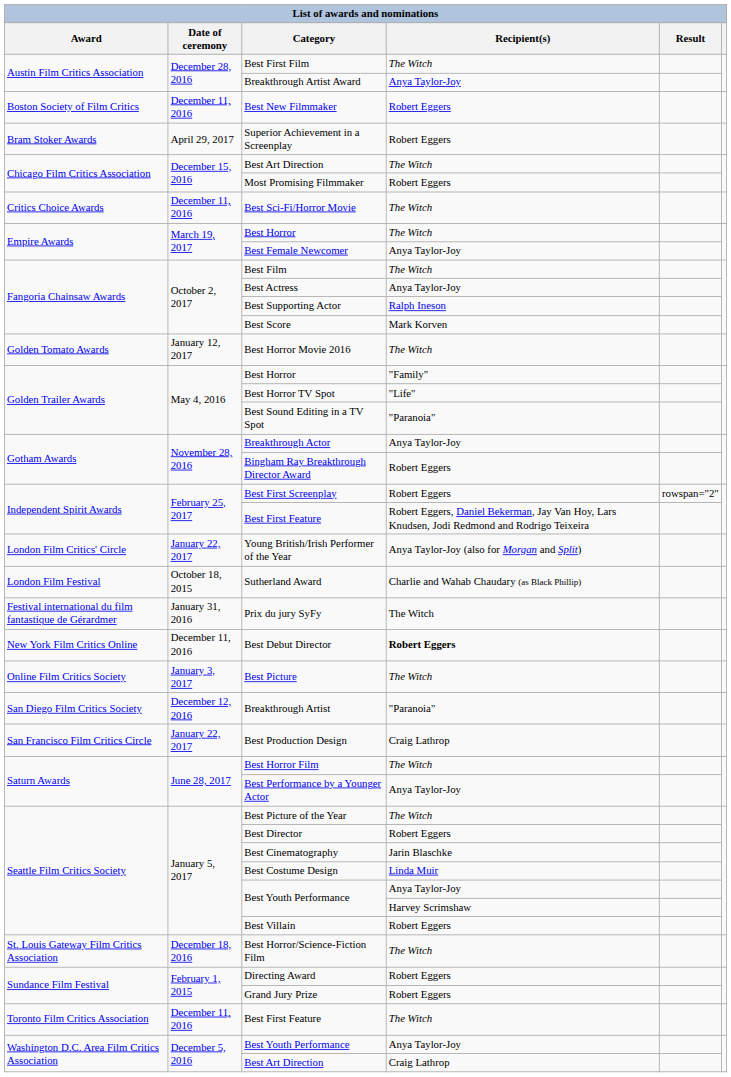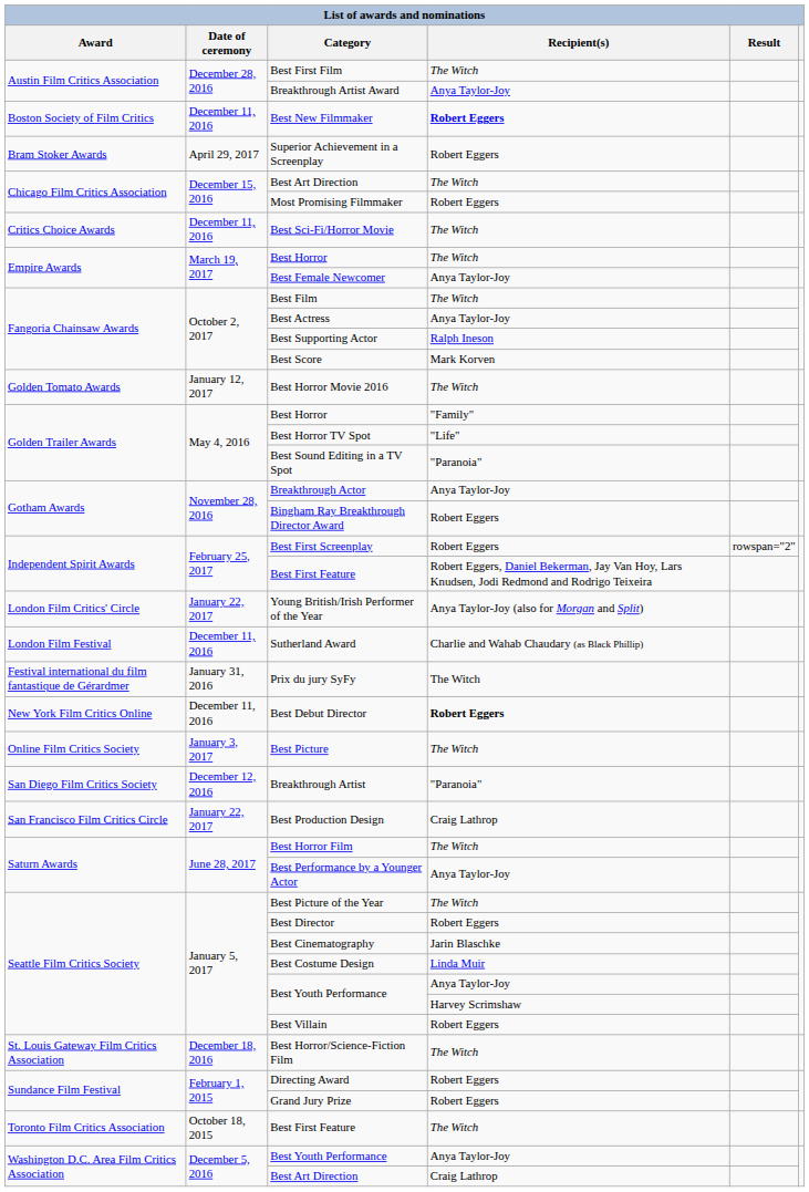 <table class="wikitable sortable" style="font-size:small">
 <tr style="background:#ccc; text-align:center;">
 <th colspan="6" style="background: LightSteelBlue;">List of awards and nominations</th>
 </tr>
 <tr style="background:#ccc; text-align:center;">
 <th>Award</th>
 <th>Date of ceremony</th>
 <th>Category</th>
 <th>Recipient(s)</th>
 <th>Result</th>
 <th class="unsortable"></th>
 </tr>
 <tr>
 <td rowspan="2"><a href='#'>Austin Film Critics Association</a></td>
 <td rowspan="2"><a href='#'>December 28, 2016</a></td>
 <td>Best First Film</td>
 <td><em>The Witch</em></td>
 <td></td>
 <td rowspan="2" style="text-align:center;"></td>
 </tr>
 <tr>
 <td>Breakthrough Artist Award</td>
 <td><a href='#'>Anya Taylor-Joy</a></td>
 <td></td>
 </tr>
 <tr>
 <td><a href='#'>Boston Society of Film Critics</a></td>
 <td><a href='#'>December 11, 2016</a></td>
 <td><a href='#'>Best New Filmmaker</a></td>
-<td><a href='#'>Robert Eggers</a></td>
+<td><strong><a href='#'>Robert Eggers</a></strong></td>
 <td></td>
 <td style="text-align:center;"></td>
 </tr>
 <tr>
 <td><a href='#'>Bram Stoker Awards</a></td>
 <td>April 29, 2017</td>
 <td>Superior Achievement in a Screenplay</td>
 <td>Robert Eggers</td>
 <td></td>
 <td style="text-align:center;"></td>
 </tr>
 <tr>
 <td rowspan="2"><a href='#'>Chicago Film Critics Association</a></td>
 <td rowspan="2"><a href='#'>December 15, 2016</a></td>
 <td>Best Art Direction</td>
 <td><em>The Witch</em></td>
 <td></td>
 <td rowspan="2" style="text-align:center;"></td>
 </tr>
 <tr>
 <td>Most Promising Filmmaker</td>
 <td>Robert Eggers</td>
 <td></td>
 </tr>
 <tr>
 <td><a href='#'>Critics Choice Awards</a></td>
 <td><a href='#'>December 11, 2016</a></td>
 <td><a href='#'>Best Sci-Fi/Horror Movie</a></td>
 <td><em>The Witch</em></td>
 <td></td>
 <td style="text-align:center;"></td>
 </tr>
 <tr>
 <td rowspan="2"><a href='#'>Empire Awards</a></td>
 <td rowspan="2"><a href='#'>March 19, 2017</a></td>
 <td><a href='#'>Best Horror</a></td>
 <td><em>The Witch</em></td>
 <td></td>
 <td rowspan="2" style="text-align:center;"></td>
 </tr>
 <tr>
 <td><a href='#'>Best Female Newcomer</a></td>
 <td>Anya Taylor-Joy</td>
 <td></td>
 </tr>
 <tr>
 <td rowspan="4"><a href='#'>Fangoria Chainsaw Awards</a></td>
 <td rowspan="4">October 2, 2017</td>
 <td>Best Film</td>
 <td><em>The Witch</em></td>
 <td></td>
 <td rowspan="4" style="text-align:center;"></td>
 </tr>
 <tr>
 <td>Best Actress</td>
 <td>Anya Taylor-Joy</td>
 <td></td>
 </tr>
 <tr>
 <td>Best Supporting Actor</td>
 <td><a href='#'>Ralph Ineson</a></td>
 <td></td>
 </tr>
 <tr>
 <td>Best Score</td>
 <td>Mark Korven</td>
 <td></td>
 </tr>
 <tr>
 <td><a href='#'>Golden Tomato Awards</a></td>
 <td>January 12, 2017</td>
 <td>Best Horror Movie 2016</td>
 <td><em>The Witch</em></td>
 <td></td>
 <td style="text-align:center;"></td>
 </tr>
 <tr>
 <td rowspan="3"><a href='#'>Golden Trailer Awards</a></td>
 <td rowspan="3">May 4, 2016</td>
 <td>Best Horror</td>
 <td>"Family"</td>
 <td></td>
 <td rowspan="3" style="text-align:center;"></td>
 </tr>
 <tr>
 <td>Best Horror TV Spot</td>
 <td>"Life"</td>
 <td></td>
 </tr>
 <tr>
 <td>Best Sound Editing in a TV Spot</td>
 <td>"Paranoia"</td>
 <td></td>
 </tr>
 <tr>
 <td rowspan="2"><a href='#'>Gotham Awards</a></td>
 <td rowspan="2"><a href='#'>November 28, 2016</a></td>
 <td><a href='#'>Breakthrough Actor</a></td>
 <td>Anya Taylor-Joy</td>
 <td></td>
 <td rowspan="2" style="text-align:center;"></td>
 </tr>
 <tr>
 <td><a href='#'>Bingham Ray Breakthrough Director Award</a></td>
 <td>Robert Eggers</td>
 <td></td>
 </tr>
 <tr>
 <td rowspan="2"><a href='#'>Independent Spirit Awards</a></td>
 <td rowspan="2"><a href='#'>February 25, 2017</a></td>
 <td><a href='#'>Best First Screenplay</a></td>
 <td>Robert Eggers</td>
 <td>rowspan="2" </td>
 <td rowspan="2" style="text-align:center;"></td>
 </tr>
 <tr>
 <td><a href='#'>Best First Feature</a></td>
 <td>Robert Eggers, <a href='#'>Daniel Bekerman</a>, Jay Van Hoy, Lars Knudsen, Jodi Redmond and Rodrigo Teixeira</td>
 </tr>
 <tr>
 <td><a href='#'>London Film Critics' Circle</a></td>
 <td><a href='#'>January 22, 2017</a></td>
 <td>Young British/Irish Performer of the Year</td>
 <td>Anya Taylor-Joy (also for <em><a href='#'>Morgan</a></em> and <em><a href='#'>Split</a></em>)</td>
 <td></td>
 <td style="text-align:center;"></td>
 </tr>
 <tr>
 <td><a href='#'>London Film Festival</a></td>
-<td>October 18, 2015</td>
+<td><a href='#'>December 11, 2016</a></td>
 <td>Sutherland Award</td>
 <td>Charlie and Wahab Chaudary <small>(as Black Phillip)</small></td>
 <td></td>
 <td style="text-align:center;"></td>
 </tr>
 <tr>
 <td><a href='#'>Festival international du film fantastique de Gérardmer</a></td>
 <td>January 31, 2016</td>
 <td>Prix du jury SyFy</td>
 <td>The Witch</td>
 <td></td>
 <td style="text-align:center;"></td>
 </tr>
 <tr>
 <td><a href='#'>New York Film Critics Online</a></td>
 <td>December 11, 2016</td>
 <td>Best Debut Director</td>
 <td><strong>Robert Eggers</strong></td>
 <td></td>
 <td style="text-align:center;"></td>
 </tr>
 <tr>
 <td><a href='#'>Online Film Critics Society</a></td>
 <td><a href='#'>January 3, 2017</a></td>
 <td><a href='#'>Best Picture</a></td>
 <td><em>The Witch</em></td>
 <td></td>
 <td align=center></td>
 </tr>
 <tr>
 <td><a href='#'>San Diego Film Critics Society</a></td>
 <td><a href='#'>December 12, 2016</a></td>
 <td>Breakthrough Artist</td>
 <td>"Paranoia"</td>
 <td></td>
 <td style="text-align:center;"></td>
 </tr>
 <tr>
 <td><a href='#'>San Francisco Film Critics Circle</a></td>
 <td><a href='#'>January 22, 2017</a></td>
 <td>Best Production Design</td>
 <td>Craig Lathrop</td>
 <td></td>
 <td style="text-align:center;"></td>
 </tr>
 <tr>
 <td rowspan="2"><a href='#'>Saturn Awards</a></td>
 <td rowspan="2"><a href='#'>June 28, 2017</a></td>
 <td><a href='#'>Best Horror Film</a></td>
 <td><em>The Witch</em></td>
 <td></td>
 <td rowspan="2" style="text-align:center;"></td>
 </tr>
 <tr>
 <td><a href='#'>Best Performance by a Younger Actor</a></td>
 <td>Anya Taylor-Joy</td>
 <td></td>
 </tr>
 <tr>
 <td rowspan="7"><a href='#'>Seattle Film Critics Society</a></td>
 <td rowspan="7">January 5, 2017</td>
 <td>Best Picture of the Year</td>
 <td><em>The Witch</em></td>
 <td></td>
 <td rowspan="7" style="text-align:center;"></td>
 </tr>
 <tr>
 <td>Best Director</td>
 <td>Robert Eggers</td>
 <td></td>
 </tr>
 <tr>
 <td>Best Cinematography</td>
 <td>Jarin Blaschke</td>
 <td></td>
 </tr>
 <tr>
 <td>Best Costume Design</td>
 <td><a href='#'>Linda Muir</a></td>
 <td></td>
 </tr>
 <tr>
 <td rowspan="2">Best Youth Performance</td>
 <td>Anya Taylor-Joy</td>
 <td></td>
 </tr>
 <tr>
 <td>Harvey Scrimshaw</td>
 <td></td>
 </tr>
 <tr>
 <td>Best Villain</td>
 <td>Robert Eggers</td>
 <td></td>
 </tr>
 <tr>
 <td><a href='#'>St. Louis Gateway Film Critics Association</a></td>
 <td><a href='#'>December 18, 2016</a></td>
 <td>Best Horror/Science-Fiction Film</td>
 <td><em>The Witch</em></td>
 <td></td>
 <td style="text-align:center;"></td>
 </tr>
 <tr>
 <td rowspan="2"><a href='#'>Sundance Film Festival</a></td>
 <td rowspan="2"><a href='#'>February 1, 2015</a></td>
 <td>Directing Award</td>
 <td>Robert Eggers</td>
 <td></td>
 <td rowspan="2" style="text-align:center;"></td>
 </tr>
 <tr>
 <td>Grand Jury Prize</td>
 <td>Robert Eggers</td>
 <td></td>
 </tr>
 <tr>
 <td><a href='#'>Toronto Film Critics Association</a></td>
-<td><a href='#'>December 11, 2016</a></td>
+<td>October 18, 2015</td>
 <td>Best First Feature</td>
 <td><em>The Witch</em></td>
 <td></td>
 <td style="text-align:center;"></td>
 </tr>
 <tr>
 <td rowspan="2"><a href='#'>Washington D.C. Area Film Critics Association</a></td>
 <td rowspan="2"><a href='#'>December 5, 2016</a></td>
 <td><a href='#'>Best Youth Performance</a></td>
 <td>Anya Taylor-Joy</td>
 <td></td>
 <td rowspan="2" style="text-align:center;"></td>
 </tr>
 <tr>
 <td><a href='#'>Best Art Direction</a></td>
 <td>Craig Lathrop</td>
 <td></td>
 </tr>
 </table>
